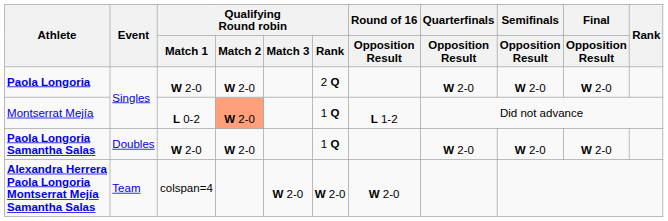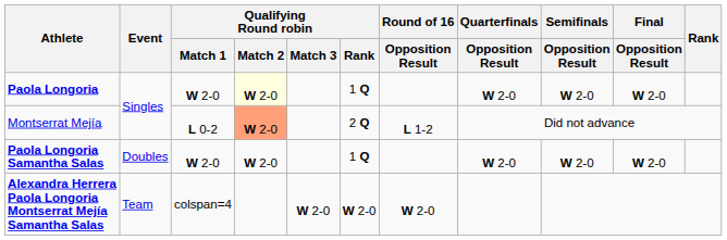 <table class="wikitable" style="font-size:90%">
 <tr>
 <th rowspan="2">Athlete</th>
 <th rowspan="2">Event</th>
 <th colspan="4">Qualifying<br>Round robin</th>
 <th>Round of 16</th>
 <th>Quarterfinals</th>
 <th>Semifinals</th>
 <th>Final</th>
 <th rowspan="2">Rank</th>
 </tr>
 <tr>
 <th>Match 1</th>
 <th>Match 2</th>
 <th>Match 3</th>
 <th>Rank</th>
 <th>Opposition<br>Result</th>
 <th>Opposition<br>Result</th>
 <th>Opposition<br>Result</th>
 <th>Opposition<br>Result</th>
 </tr>
 <tr align=center>
 <td align=left><strong><a href='#'>Paola Longoria</a></strong></td>
 <td rowspan=2 align=left><a href='#'>Singles</a></td>
 <td><br><strong>W</strong> 2-0</td>
-<td><br><strong>W</strong> 2-0</td>
+<td style="background: lightyellow;"><br><strong>W</strong> 2-0</td>
 <td></td>
-<td>2 <strong>Q</strong></td>
+<td>1 <strong>Q</strong></td>
 <td></td>
 <td><br><strong>W</strong> 2-0</td>
 <td><br><strong>W</strong> 2-0</td>
 <td><br><strong>W</strong> 2-0</td>
 <td></td>
 </tr>
 <tr align=center>
 <td align=left><a href='#'>Montserrat Mejía</a></td>
 <td><br><strong>L</strong> 0-2</td>
 <td style="background: lightsalmon;"><br><strong>W</strong> 2-0</td>
 <td></td>
-<td>1 <strong>Q</strong></td>
+<td>2 <strong>Q</strong></td>
 <td><br><strong>L</strong> 1-2</td>
 <td colspan=4>Did not advance</td>
 </tr>
 <tr align=center>
 <td align=left><strong><a href='#'>Paola Longoria</a><br><a href='#'>Samantha Salas</a></strong></td>
 <td align=left><a href='#'>Doubles</a></td>
 <td><br><strong>W</strong> 2-0</td>
 <td><br><strong>W</strong> 2-0</td>
 <td></td>
 <td>1 <strong>Q</strong></td>
 <td></td>
 <td><br><strong>W</strong> 2-0</td>
 <td><br><strong>W</strong> 2-0</td>
 <td><br><strong>W</strong> 2-0</td>
 <td></td>
 </tr>
 <tr align=center>
 <td align=left><strong><a href='#'>Alexandra Herrera</a><br><a href='#'>Paola Longoria</a><br><a href='#'>Montserrat Mejía</a><br><a href='#'>Samantha Salas</a></strong></td>
 <td align=left><a href='#'>Team</a></td>
 <td>colspan=4 </td>
 <td></td>
 <td><br><strong>W</strong> 2-0</td>
 <td><br><strong>W</strong> 2-0</td>
 <td><br><strong>W</strong> 2-0</td>
 <td></td>
 </tr>
 </table>
